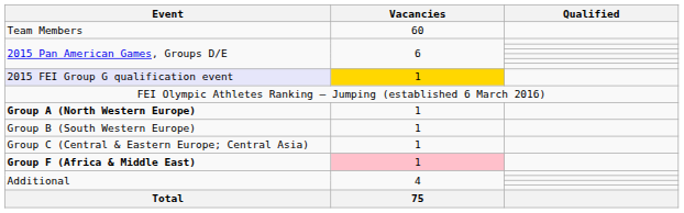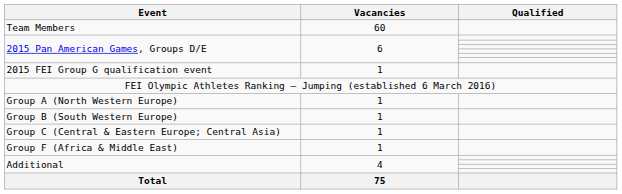 <table class="wikitable" width=95%>
 <tr>
 <th scope="col" width="400">Event</th>
 <th>Vacancies</th>
 <th>Qualified</th>
 </tr>
 <tr>
 <td>Team Members</td>
 <td align="center">60</td>
 <td></td>
 </tr>
 <tr>
 <td rowspan="6"><a href='#'>2015 Pan American Games</a>, Groups D/E</td>
 <td align="center" rowspan="6">6</td>
 <td></td>
 </tr>
 <tr>
 <td></td>
 </tr>
 <tr>
 <td></td>
 </tr>
 <tr>
 <td></td>
 </tr>
 <tr>
 <td></td>
 </tr>
 <tr>
 <td></td>
 </tr>
 <tr>
-<td style="background: lavender;">2015 FEI Group G qualification event</td>
-<td align="center" style="background: gold;">1</td>
+<td>2015 FEI Group G qualification event</td>
+<td align="center">1</td>
 <td></td>
 </tr>
 <tr>
 <td align="center" colspan="3">FEI Olympic Athletes Ranking – Jumping (established 6 March 2016)</td>
 </tr>
 <tr>
-<td><strong>Group A (North Western Europe)</strong></td>
+<td>Group A (North Western Europe)</td>
 <td align="center">1</td>
 <td></td>
 </tr>
 <tr>
 <td>Group B (South Western Europe)</td>
 <td align="center">1</td>
 <td></td>
 </tr>
 <tr>
 <td>Group C (Central & Eastern Europe; Central Asia)</td>
 <td align="center">1</td>
 <td></td>
 </tr>
 <tr>
-<td><strong>Group F (Africa & Middle East)</strong></td>
-<td align="center" style="background: pink;">1</td>
+<td>Group F (Africa & Middle East)</td>
+<td align="center">1</td>
 <td></td>
 </tr>
 <tr>
 <td rowspan="4">Additional</td>
 <td align="center" rowspan="4">4</td>
 <td></td>
 </tr>
 <tr>
 <td></td>
 </tr>
 <tr>
 <td></td>
 </tr>
 <tr>
 <td></td>
 </tr>
 <tr>
 <th>Total</th>
 <th>75</th>
 <th></th>
 </tr>
 </table>
